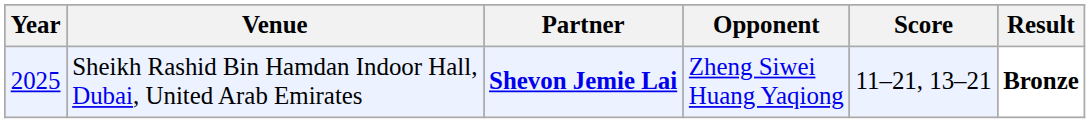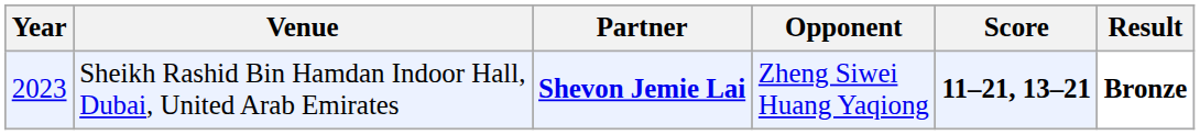 <table class="sortable wikitable" style="font-size: 90%">
 <tr>
 <th>Year</th>
 <th>Venue</th>
 <th>Partner</th>
 <th>Opponent</th>
 <th>Score</th>
 <th>Result</th>
 </tr>
 <tr style="background:#ECF2FF">
-<td align="center"><a href='#'>2025</a></td>
+<td align="center"><a href='#'>2023</a></td>
 <td align="left">Sheikh Rashid Bin Hamdan Indoor Hall,<br><a href='#'>Dubai</a>, United Arab Emirates</td>
 <td align="left"><strong> <a href='#'>Shevon Jemie Lai</a></strong></td>
 <td align="left"> <a href='#'>Zheng Siwei</a><br> <a href='#'>Huang Yaqiong</a></td>
-<td align="left">11–21, 13–21</td>
+<td align="left"><strong>11–21, 13–21</strong></td>
 <td style="text-align:left; background:white"> <strong>Bronze</strong></td>
 </tr>
 </table>
